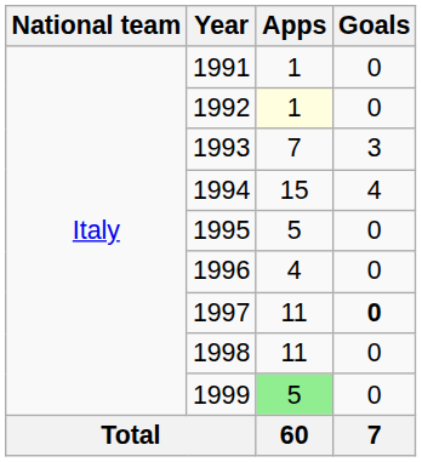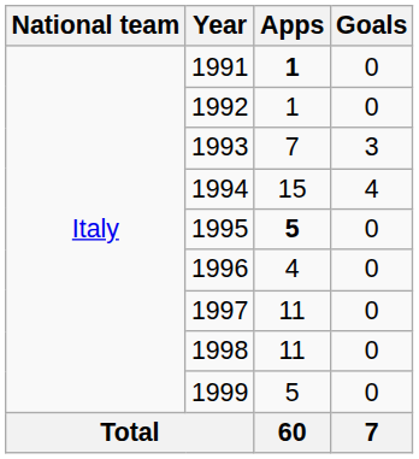 <table class="wikitable" style="text-align:center">
 <tr>
 <th>National team</th>
 <th>Year</th>
 <th>Apps</th>
 <th>Goals</th>
 </tr>
 <tr>
 <td rowspan="9"><a href='#'>Italy</a></td>
 <td>1991</td>
-<td>1</td>
+<td><strong>1</strong></td>
 <td>0</td>
 </tr>
 <tr>
 <td>1992</td>
-<td style="background: lightyellow;">1</td>
+<td>1</td>
 <td>0</td>
 </tr>
 <tr>
 <td>1993</td>
 <td>7</td>
 <td>3</td>
 </tr>
 <tr>
 <td>1994</td>
 <td>15</td>
 <td>4</td>
 </tr>
 <tr>
 <td>1995</td>
-<td>5</td>
+<td><strong>5</strong></td>
 <td>0</td>
 </tr>
 <tr>
 <td>1996</td>
 <td>4</td>
 <td>0</td>
 </tr>
 <tr>
 <td>1997</td>
 <td>11</td>
-<td><strong>0</strong></td>
+<td>0</td>
 </tr>
 <tr>
 <td>1998</td>
 <td>11</td>
 <td>0</td>
 </tr>
 <tr>
 <td>1999</td>
-<td style="background: lightgreen;">5</td>
+<td>5</td>
 <td>0</td>
 </tr>
 <tr>
 <th colspan="2">Total</th>
 <th>60</th>
 <th>7</th>
 </tr>
 </table>
